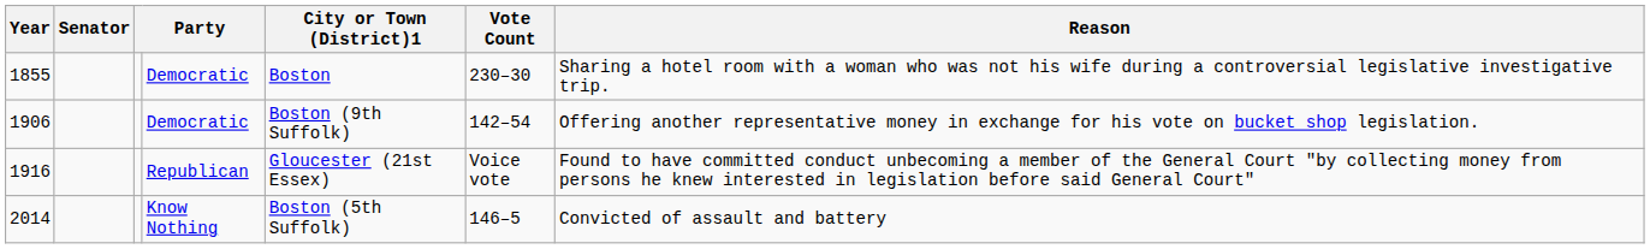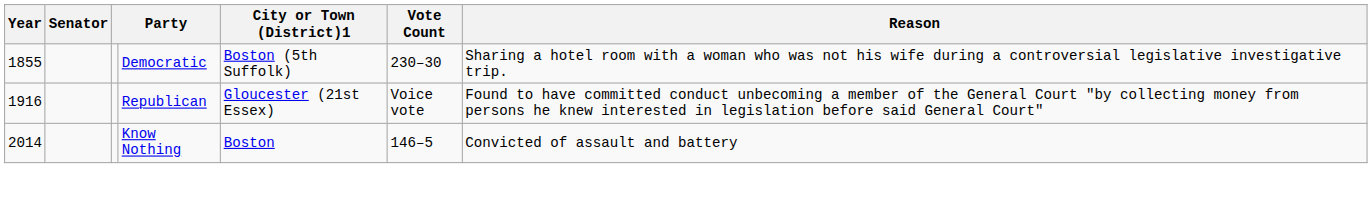 <table class="wikitable sortable">
 <tr>
 <th>Year</th>
 <th>Senator</th>
 <th colspan=2>Party</th>
 <th>City or Town (District)1</th>
 <th>Vote Count</th>
 <th class=unsortable>Reason</th>
 </tr>
 <tr>
 <td>1855</td>
 <td></td>
 <td style="background-color:"></td>
 <td><a href='#'>Democratic</a></td>
-<td><a href='#'>Boston</a></td>
+<td><a href='#'>Boston</a> (5th Suffolk)</td>
 <td>230–30</td>
 <td>Sharing a hotel room with a woman who was not his wife during a controversial legislative investigative trip.</td>
-</tr>
-<tr>
-<td>1906</td>
-<td></td>
-<td style="background-color:"></td>
-<td><a href='#'>Democratic</a></td>
-<td><a href='#'>Boston</a> (9th Suffolk)</td>
-<td>142–54</td>
-<td>Offering another representative money in exchange for his vote on <a href='#'>bucket shop</a> legislation.</td>
 </tr>
 <tr>
 <td>1916</td>
 <td></td>
 <td style="background-color:"></td>
 <td><a href='#'>Republican</a></td>
 <td><a href='#'>Gloucester</a> (21st Essex)</td>
 <td>Voice vote</td>
 <td>Found to have committed conduct unbecoming a member of the General Court "by collecting money from persons he knew interested in legislation before said General Court"</td>
 </tr>
 <tr>
 <td>2014</td>
 <td></td>
 <td style="background-color:"></td>
 <td><a href='#'>Know Nothing</a></td>
-<td><a href='#'>Boston</a> (5th Suffolk)</td>
+<td><a href='#'>Boston</a></td>
 <td>146–5</td>
 <td>Convicted of assault and battery</td>
 </tr>
 </table>
